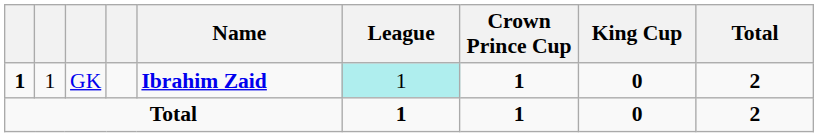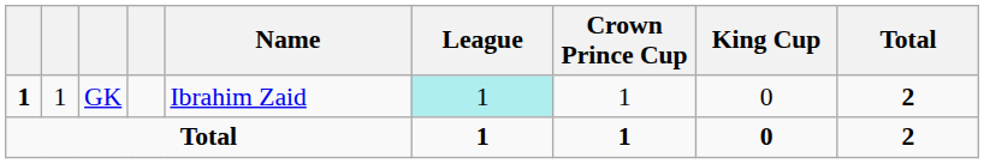 <table class="wikitable" style="text-align:center">
 <tr>
 <th width=15></th>
 <th width=15></th>
 <th width=15></th>
 <th width=15></th>
 <th width=145>Name</th>
 <th width=80>League</th>
 <th width=80>Crown Prince Cup</th>
 <th width=80>King Cup</th>
 <th width=80>Total</th>
 </tr>
 <tr>
 <td><strong>1</strong></td>
 <td>1</td>
 <td><a href='#'>GK</a></td>
 <td></td>
-<td align=left><strong><a href='#'>Ibrahim Zaid</a></strong></td>
+<td align=left><a href='#'>Ibrahim Zaid</a></td>
 <td style="background: paleturquoise;">1</td>
-<td><strong>1</strong></td>
-<td><strong>0</strong></td>
+<td>1</td>
+<td>0</td>
 <td><strong>2</strong></td>
 </tr>
 <tr>
 <td colspan=5><strong>Total</strong></td>
 <td><strong>1</strong></td>
 <td><strong>1</strong></td>
 <td><strong>0</strong></td>
 <td><strong>2</strong></td>
 </tr>
 </table>
